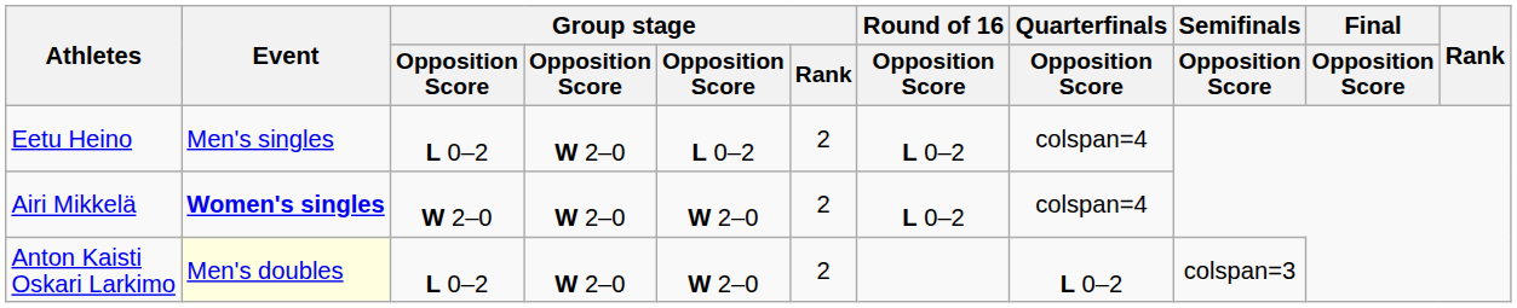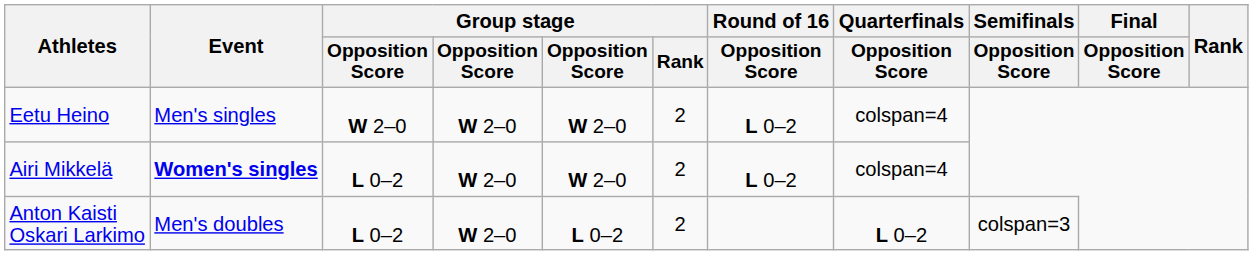 <table class="wikitable" style="font-size:90%">
 <tr>
 <th rowspan="2">Athletes</th>
 <th rowspan="2">Event</th>
 <th colspan="4">Group stage</th>
 <th>Round of 16</th>
 <th>Quarterfinals</th>
 <th>Semifinals</th>
 <th>Final</th>
 <th rowspan="2">Rank</th>
 </tr>
 <tr style="font-size:95%">
 <th>Opposition<br>Score</th>
 <th>Opposition<br>Score</th>
 <th>Opposition<br>Score</th>
 <th>Rank</th>
 <th>Opposition<br>Score</th>
 <th>Opposition<br>Score</th>
 <th>Opposition<br>Score</th>
 <th>Opposition<br>Score</th>
 </tr>
 <tr align="center">
 <td align="left"><a href='#'>Eetu Heino</a></td>
 <td align="left"><a href='#'>Men's singles</a></td>
-<td><br> <strong>L</strong> 0–2</td>
 <td><br><strong>W</strong> 2–0</td>
-<td><br><strong>L</strong> 0–2</td>
+<td><br><strong>W</strong> 2–0</td>
+<td><br> <strong>W</strong> 2–0</td>
 <td>2</td>
 <td><br><strong>L</strong> 0–2</td>
 <td>colspan=4 </td>
 </tr>
 <tr align="center">
 <td align="left"><a href='#'>Airi Mikkelä</a></td>
 <td align="left"><strong><a href='#'>Women's singles</a></strong></td>
-<td><br><strong>W</strong> 2–0</td>
+<td><br> <strong>L</strong> 0–2</td>
 <td><br> <strong>W</strong> 2–0</td>
 <td><br> <strong>W</strong> 2–0</td>
 <td>2</td>
 <td><br> <strong>L</strong> 0–2</td>
 <td>colspan=4 </td>
 </tr>
 <tr align="center">
 <td align="left"><a href='#'>Anton Kaisti</a><br><a href='#'>Oskari Larkimo</a></td>
-<td align="left" style="background: lightyellow;"><a href='#'>Men's doubles</a></td>
+<td align="left"><a href='#'>Men's doubles</a></td>
 <td><br> <strong>L</strong> 0–2</td>
 <td><br> <strong>W</strong> 2–0</td>
-<td><br> <strong>W</strong> 2–0</td>
+<td><br><strong>L</strong> 0–2</td>
 <td>2</td>
 <td></td>
 <td><br> <strong>L</strong> 0–2</td>
 <td>colspan=3 </td>
 </tr>
 </table>
